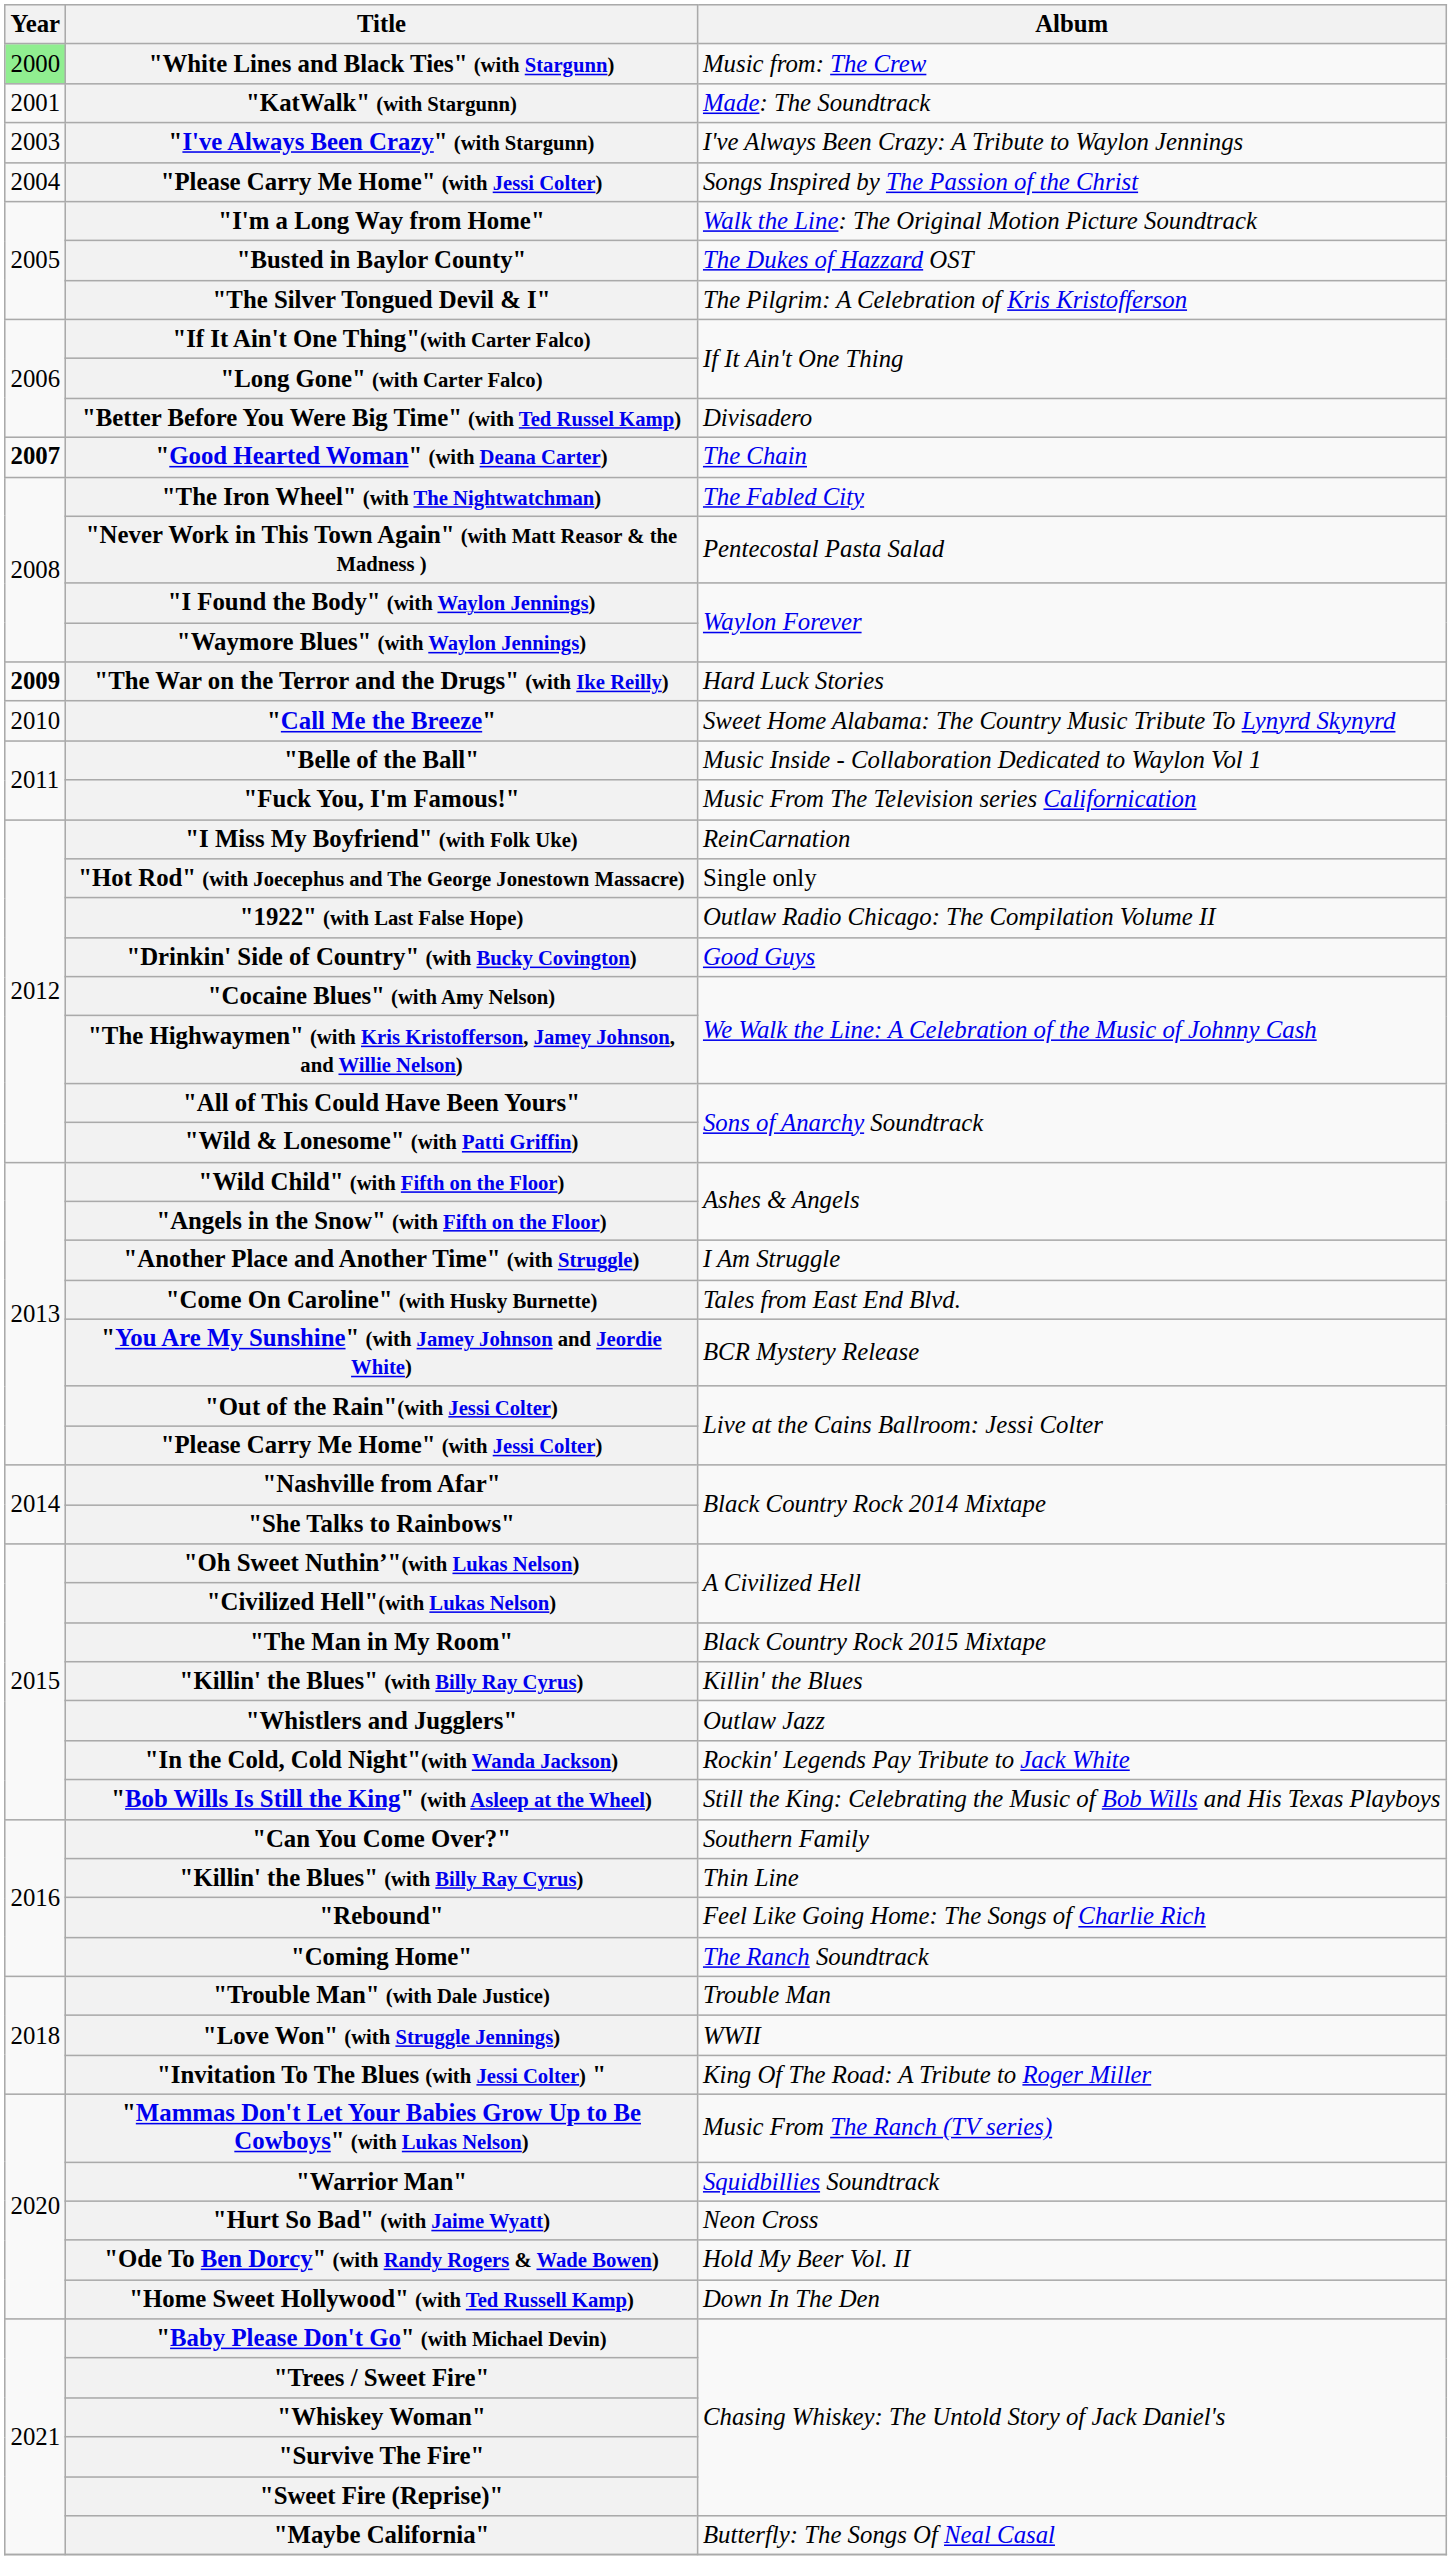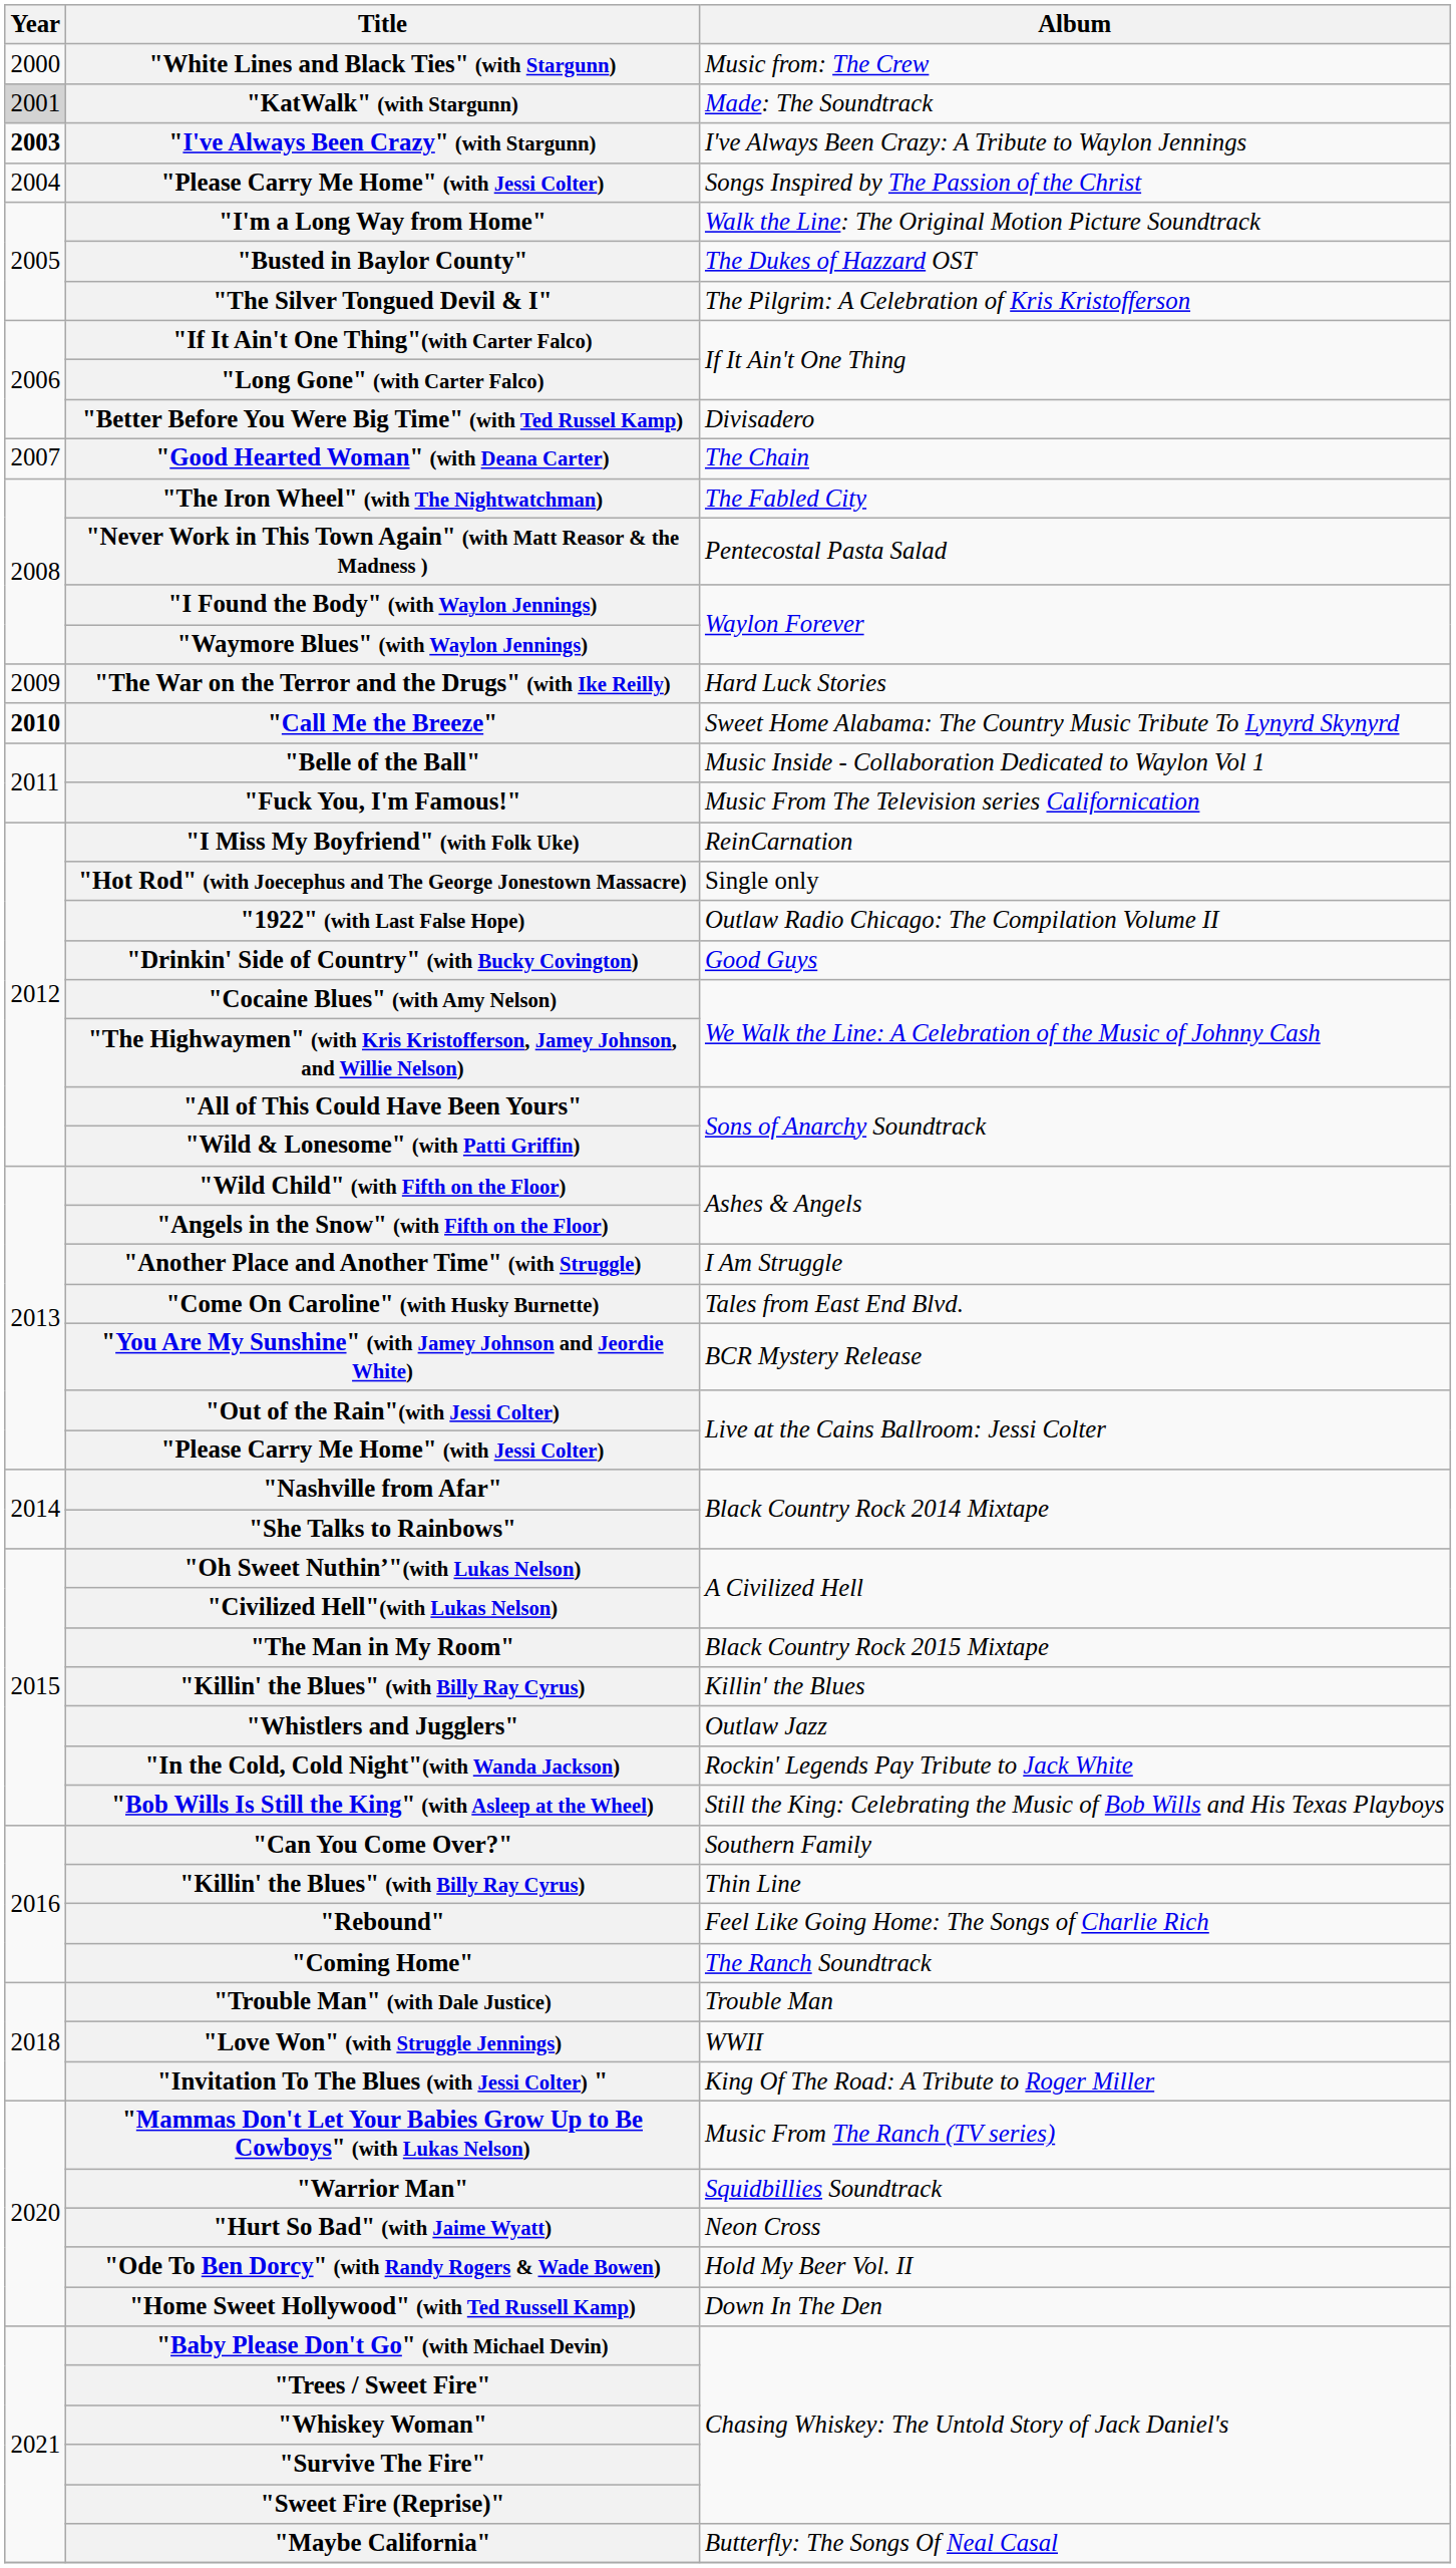 <table class="wikitable plainrowheaders">
 <tr>
 <th>Year</th>
 <th style="width:25em;">Title</th>
 <th>Album</th>
 </tr>
 <tr>
-<td style="background: lightgreen;">2000</td>
+<td>2000</td>
 <th scope="row">"White Lines and Black Ties" <small>(with <a href='#'>Stargunn</a>)</small></th>
 <td><em>Music from: <a href='#'>The Crew</a></em></td>
 </tr>
 <tr>
-<td>2001</td>
+<td style="background: lightgrey;">2001</td>
 <th scope="row">"KatWalk" <small>(with Stargunn)</small></th>
 <td><em><a href='#'>Made</a>: The Soundtrack</em></td>
 </tr>
 <tr>
-<td>2003</td>
+<td><strong>2003</strong></td>
 <th scope="row">"<a href='#'>I've Always Been Crazy</a>" <small>(with Stargunn)</small></th>
 <td><em>I've Always Been Crazy: A Tribute to Waylon Jennings</em></td>
 </tr>
 <tr>
 <td>2004</td>
 <th scope="row">"Please Carry Me Home" <small>(with <a href='#'>Jessi Colter</a>)</small></th>
 <td><em>Songs Inspired by <a href='#'>The Passion of the Christ</a></em></td>
 </tr>
 <tr>
 <td rowspan="3">2005</td>
 <th scope="row">"I'm a Long Way from Home"</th>
 <td><em><a href='#'>Walk the Line</a>: The Original Motion Picture Soundtrack</em></td>
 </tr>
 <tr>
 <th scope="row">"Busted in Baylor County" <small></small></th>
 <td><em><a href='#'>The Dukes of Hazzard</a> OST</em></td>
 </tr>
 <tr>
 <th scope="row">"The Silver Tongued Devil & I"</th>
 <td><em>The Pilgrim: A Celebration of <a href='#'>Kris Kristofferson</a></em></td>
 </tr>
 <tr>
 <td rowspan="3">2006</td>
 <th scope="row">"If It Ain't One Thing"<small>(with Carter Falco)</small></th>
 <td rowspan="2"><em>If It Ain't One Thing</em></td>
 </tr>
 <tr>
 <th scope="row">"Long Gone" <small>(with Carter Falco)</small></th>
 </tr>
 <tr>
 <th scope="row">"Better Before You Were Big Time" <small>(with <a href='#'>Ted Russel Kamp</a>)</small></th>
 <td><em>Divisadero</em></td>
 </tr>
 <tr>
-<td><strong>2007</strong></td>
+<td>2007</td>
 <th scope="row">"<a href='#'>Good Hearted Woman</a>" <small>(with <a href='#'>Deana Carter</a>)</small></th>
 <td><em><a href='#'>The Chain</a></em></td>
 </tr>
 <tr>
 <td rowspan="4">2008</td>
 <th scope="row">"The Iron Wheel" <small>(with <a href='#'>The Nightwatchman</a>)</small></th>
 <td><em><a href='#'>The Fabled City</a></em></td>
 </tr>
 <tr>
 <th scope="row">"Never Work in This Town Again" <small>(with Matt Reasor & the Madness )</small></th>
 <td><em>Pentecostal Pasta Salad</em></td>
 </tr>
 <tr>
 <th scope="row">"I Found the Body" <small>(with <a href='#'>Waylon Jennings</a>)</small></th>
 <td rowspan="2"><em><a href='#'>Waylon Forever</a></em></td>
 </tr>
 <tr>
 <th scope="row">"Waymore Blues" <small>(with <a href='#'>Waylon Jennings</a>)</small></th>
 </tr>
 <tr>
-<td><strong>2009</strong></td>
+<td>2009</td>
 <th scope="row">"The War on the Terror and the Drugs" <small>(with <a href='#'>Ike Reilly</a>)</small></th>
 <td><em>Hard Luck Stories</em></td>
 </tr>
 <tr>
-<td>2010</td>
+<td><strong>2010</strong></td>
 <th scope="row">"<a href='#'>Call Me the Breeze</a>" <small></small></th>
 <td><em>Sweet Home Alabama: The Country Music Tribute To <a href='#'>Lynyrd Skynyrd</a></em></td>
 </tr>
 <tr>
 <td rowspan="2">2011</td>
 <th scope="row">"Belle of the Ball" <small></small></th>
 <td><em>Music Inside - Collaboration Dedicated to Waylon Vol 1</em></td>
 </tr>
 <tr>
 <th scope="row">"Fuck You, I'm Famous!" <small></small></th>
 <td><em>Music From The Television series <a href='#'>Californication</a></em></td>
 </tr>
 <tr>
 <td rowspan="8">2012</td>
 <th scope="row">"I Miss My Boyfriend" <small>(with Folk Uke)</small></th>
 <td><em>ReinCarnation</em></td>
 </tr>
 <tr>
 <th scope="row">"Hot Rod" <small>(with Joecephus and The George Jonestown Massacre)</small></th>
 <td>Single only</td>
 </tr>
 <tr>
 <th scope="row">"1922" <small>(with Last False Hope)</small></th>
 <td><em>Outlaw Radio Chicago: The Compilation Volume II</em></td>
 </tr>
 <tr>
 <th scope="row">"Drinkin' Side of Country" <small>(with <a href='#'>Bucky Covington</a>)</small></th>
 <td><em><a href='#'>Good Guys</a></em></td>
 </tr>
 <tr>
 <th scope="row">"Cocaine Blues" <small>(with Amy Nelson)</small></th>
 <td rowspan="2"><em><a href='#'>We Walk the Line: A Celebration of the Music of Johnny Cash</a></em></td>
 </tr>
 <tr>
 <th scope="row">"The Highwaymen" <small>(with <a href='#'>Kris Kristofferson</a>, <a href='#'>Jamey Johnson</a>, and <a href='#'>Willie Nelson</a>) </small></th>
 </tr>
 <tr>
 <th scope="row">"All of This Could Have Been Yours" <small></small></th>
 <td rowspan="2"><em><a href='#'>Sons of Anarchy</a> Soundtrack</em></td>
 </tr>
 <tr>
 <th scope="row">"Wild & Lonesome" <small>(with <a href='#'>Patti Griffin</a>)</small></th>
 </tr>
 <tr>
 <td rowspan="7">2013</td>
 <th scope="row">"Wild Child" <small>(with <a href='#'>Fifth on the Floor</a>)</small></th>
 <td rowspan="2"><em>Ashes & Angels</em></td>
 </tr>
 <tr>
 <th scope="row">"Angels in the Snow" <small>(with <a href='#'>Fifth on the Floor</a>)</small></th>
 </tr>
 <tr>
 <th scope="row">"Another Place and Another Time" <small>(with <a href='#'>Struggle</a>)</small></th>
 <td><em>I Am Struggle</em></td>
 </tr>
 <tr>
 <th scope="row">"Come On Caroline" <small>(with Husky Burnette)</small></th>
 <td><em>Tales from East End Blvd.</em></td>
 </tr>
 <tr>
 <th scope="row">"<a href='#'>You Are My Sunshine</a>" <small>(with <a href='#'>Jamey Johnson</a> and <a href='#'>Jeordie White</a>)</small></th>
 <td><em>BCR Mystery Release</em></td>
 </tr>
 <tr>
 <th scope="row">"Out of the Rain"<small>(with <a href='#'>Jessi Colter</a>)</small></th>
 <td rowspan="2"><em>Live at the Cains Ballroom: Jessi Colter</em></td>
 </tr>
 <tr>
 <th scope="row">"Please Carry Me Home" <small>(with <a href='#'>Jessi Colter</a>)</small></th>
 </tr>
 <tr>
 <td rowspan="2">2014</td>
 <th scope="row">"Nashville from Afar"</th>
 <td rowspan="2"><em>Black Country Rock 2014 Mixtape</em></td>
 </tr>
 <tr>
 <th scope="row">"She Talks to Rainbows"</th>
 </tr>
 <tr>
 <td rowspan="7">2015</td>
 <th scope="row">"Oh Sweet Nuthin’"<small>(with <a href='#'>Lukas Nelson</a>)</small></th>
 <td rowspan="2"><em>A Civilized Hell</em></td>
 </tr>
 <tr>
 <th scope="row">"Civilized Hell"<small>(with <a href='#'>Lukas Nelson</a>)</small></th>
 </tr>
 <tr>
 <th scope="row">"The Man in My Room"</th>
 <td><em>Black Country Rock 2015 Mixtape</em></td>
 </tr>
 <tr>
 <th scope="row">"Killin' the Blues" <small>(with <a href='#'>Billy Ray Cyrus</a>)</small></th>
 <td><em>Killin' the Blues</em></td>
 </tr>
 <tr>
 <th scope="row">"Whistlers and Jugglers"</th>
 <td><em>Outlaw Jazz</em></td>
 </tr>
 <tr>
 <th scope="row">"In the Cold, Cold Night"<small>(with <a href='#'>Wanda Jackson</a>)</small></th>
 <td><em>Rockin' Legends Pay Tribute to <a href='#'>Jack White</a></em></td>
 </tr>
 <tr>
 <th scope="row">"<a href='#'>Bob Wills Is Still the King</a>" <small>(with <a href='#'>Asleep at the Wheel</a>)</small></th>
 <td><em>Still the King: Celebrating the Music of <a href='#'>Bob Wills</a> and His Texas Playboys</em></td>
 </tr>
 <tr>
 <td rowspan="4">2016</td>
 <th scope="row">"Can You Come Over?"</th>
 <td><em>Southern Family</em></td>
 </tr>
 <tr>
 <th scope="row">"Killin' the Blues" <small>(with <a href='#'>Billy Ray Cyrus</a>)</small></th>
 <td><em>Thin Line</em></td>
 </tr>
 <tr>
 <th scope="row">"Rebound"</th>
 <td><em>Feel Like Going Home: The Songs of <a href='#'>Charlie Rich</a></em></td>
 </tr>
 <tr>
 <th scope="row">"Coming Home"</th>
 <td><em><a href='#'>The Ranch</a> Soundtrack</em></td>
 </tr>
 <tr>
 <td rowspan="3">2018</td>
 <th scope="row">"Trouble Man" <small>(with Dale Justice)</small></th>
 <td><em>Trouble Man</em></td>
 </tr>
 <tr>
 <th scope="row">"Love Won" <small>(with <a href='#'>Struggle Jennings</a>)</small></th>
 <td><em>WWII</em></td>
 </tr>
 <tr>
 <th scope="row">"Invitation To The Blues <small>(with <a href='#'>Jessi Colter</a>)</small> "</th>
 <td><em>King Of The Road: A Tribute to <a href='#'>Roger Miller</a></em></td>
 </tr>
 <tr>
 <td rowspan="5">2020</td>
 <th scope="row">"<a href='#'>Mammas Don't Let Your Babies Grow Up to Be Cowboys</a>" <small>(with <a href='#'>Lukas Nelson</a>)</small></th>
 <td><em>Music From <a href='#'>The Ranch (TV series)</a></em></td>
 </tr>
 <tr>
 <th scope="row">"Warrior Man"</th>
 <td><em><a href='#'>Squidbillies</a> Soundtrack</em></td>
 </tr>
 <tr>
 <th scope="row">"Hurt So Bad"  <small>(with <a href='#'>Jaime Wyatt</a>)</small></th>
 <td><em>Neon Cross</em></td>
 </tr>
 <tr>
 <th scope="row">"Ode To <a href='#'>Ben Dorcy</a>"  <small>(with <a href='#'>Randy Rogers</a> & <a href='#'>Wade Bowen</a>)</small></th>
 <td><em>Hold My Beer Vol. II</em></td>
 </tr>
 <tr>
 <th scope="row">"Home Sweet Hollywood" <small>(with <a href='#'>Ted Russell Kamp</a>)</small></th>
 <td><em>Down In The Den</em></td>
 </tr>
 <tr>
 <td rowspan="6">2021</td>
 <th scope="row">"<a href='#'>Baby Please Don't Go</a>" <small>(with Michael Devin)</small></th>
 <td rowspan="5"><em>Chasing Whiskey: The Untold Story of Jack Daniel's</em></td>
 </tr>
 <tr>
 <th scope="row">"Trees / Sweet Fire"</th>
 </tr>
 <tr>
 <th scope="row">"Whiskey Woman"</th>
 </tr>
 <tr>
 <th scope="row">"Survive The Fire"</th>
 </tr>
 <tr>
 <th scope="row">"Sweet Fire (Reprise)"</th>
 </tr>
 <tr>
 <th scope="row">"Maybe California"</th>
 <td><em>Butterfly: The Songs Of <a href='#'>Neal Casal</a></em></td>
 </tr>
 <tr>
 </tr>
 </table>
